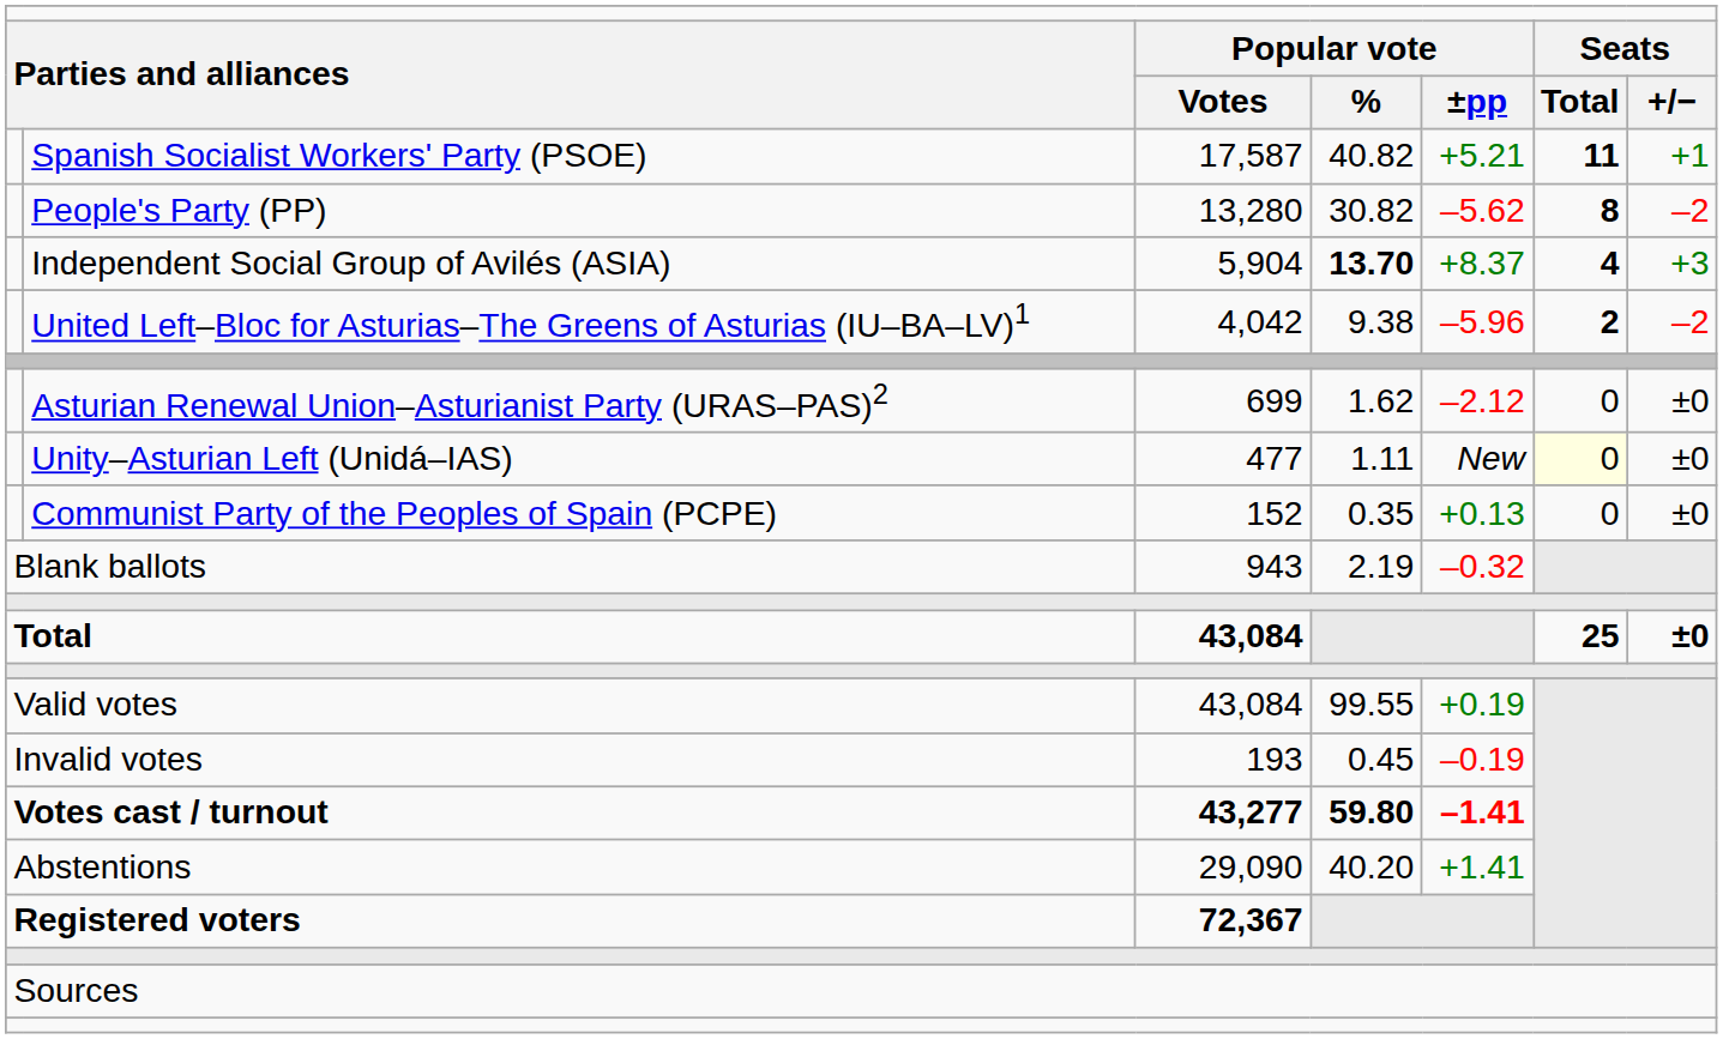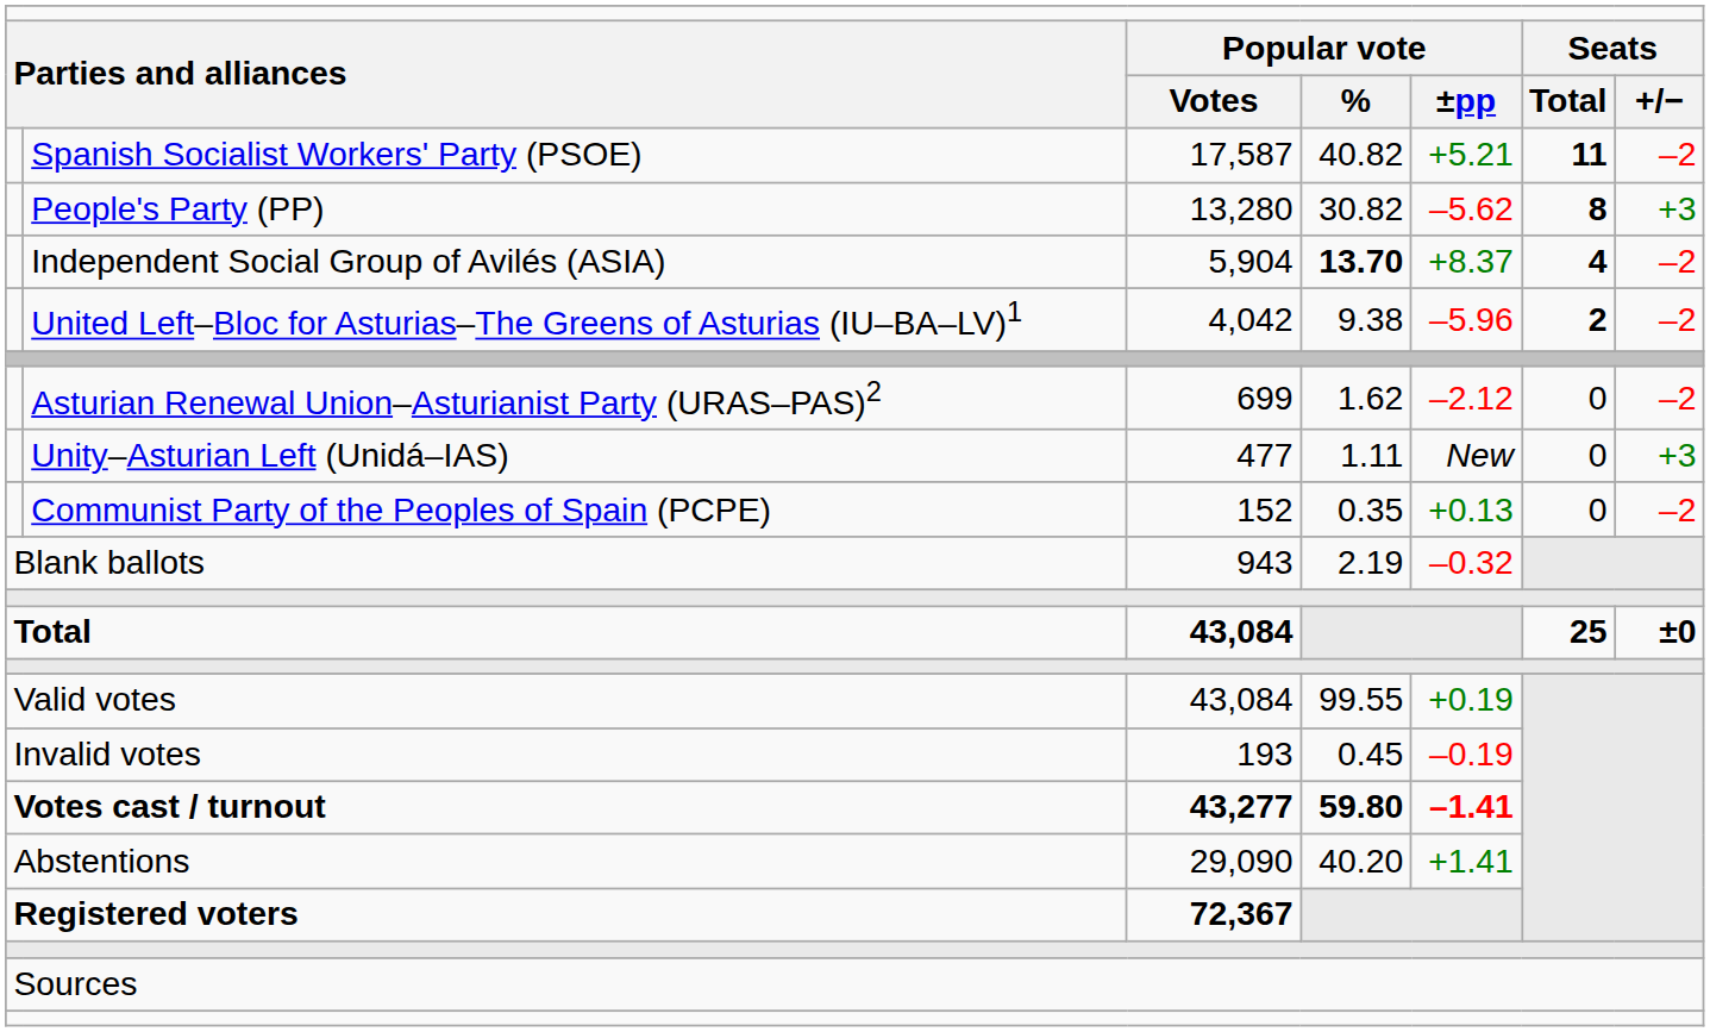 <table class="wikitable" style="text-align:right;">
 <tr>
 <td colspan="7"></td>
 </tr>
 <tr>
 <th style="text-align:left;" rowspan="2" colspan="2" width="525">Parties and alliances</th>
 <th colspan="3">Popular vote</th>
 <th colspan="2">Seats</th>
 </tr>
 <tr>
 <th width="75">Votes</th>
 <th width="45">%</th>
 <th width="45">±<a href='#'>pp</a></th>
 <th width="35">Total</th>
 <th width="35">+/−</th>
 </tr>
 <tr>
 <td width="1" style="color:inherit;background:"></td>
 <td align="left"><a href='#'>Spanish Socialist Workers' Party</a> (PSOE)</td>
 <td>17,587</td>
 <td>40.82</td>
 <td style="color:green;">+5.21</td>
 <td><strong>11</strong></td>
-<td style="color:green;">+1</td>
+<td style="color:red;">–2</td>
 </tr>
 <tr>
 <td style="color:inherit;background:"></td>
 <td align="left"><a href='#'>People's Party</a> (PP)</td>
 <td>13,280</td>
 <td>30.82</td>
 <td style="color:red;">–5.62</td>
 <td><strong>8</strong></td>
-<td style="color:red;">–2</td>
+<td style="color:green;">+3</td>
 </tr>
 <tr>
 <td style="color:inherit;background:"></td>
 <td align="left">Independent Social Group of Avilés (ASIA)</td>
 <td>5,904</td>
 <td><strong>13.70</strong></td>
 <td style="color:green;">+8.37</td>
 <td><strong>4</strong></td>
-<td style="color:green;">+3</td>
+<td style="color:red;">–2</td>
 </tr>
 <tr>
 <td style="color:inherit;background:"></td>
 <td align="left"><a href='#'>United Left</a>–<a href='#'>Bloc for Asturias</a>–<a href='#'>The Greens of Asturias</a> (IU–BA–LV)<sup>1</sup></td>
 <td>4,042</td>
 <td>9.38</td>
 <td style="color:red;">–5.96</td>
 <td><strong>2</strong></td>
 <td style="color:red;">–2</td>
 </tr>
 <tr>
 <td colspan="7" bgcolor="#C0C0C0"></td>
 </tr>
 <tr>
 <td style="color:inherit;background:"></td>
 <td align="left"><a href='#'>Asturian Renewal Union</a>–<a href='#'>Asturianist Party</a> (URAS–PAS)<sup>2</sup></td>
 <td>699</td>
 <td>1.62</td>
 <td style="color:red;">–2.12</td>
 <td>0</td>
-<td>±0</td>
+<td style="color:red;">–2</td>
 </tr>
 <tr>
 <td style="color:inherit;background:"></td>
 <td align="left"><a href='#'>Unity</a>–<a href='#'>Asturian Left</a> (Unidá–IAS)</td>
 <td>477</td>
 <td>1.11</td>
 <td><em>New</em></td>
-<td style="background: lightyellow;">0</td>
-<td>±0</td>
+<td>0</td>
+<td style="color:green;">+3</td>
 </tr>
 <tr>
 <td style="color:inherit;background:"></td>
 <td align="left"><a href='#'>Communist Party of the Peoples of Spain</a> (PCPE)</td>
 <td>152</td>
 <td>0.35</td>
 <td style="color:green;">+0.13</td>
 <td>0</td>
-<td>±0</td>
+<td style="color:red;">–2</td>
 </tr>
 <tr>
 <td align="left" colspan="2">Blank ballots</td>
 <td>943</td>
 <td>2.19</td>
 <td style="color:red;">–0.32</td>
 <td bgcolor="#E9E9E9" colspan="2"></td>
 </tr>
 <tr>
 <td colspan="7" bgcolor="#E9E9E9"></td>
 </tr>
 <tr style="font-weight:bold;">
 <td align="left" colspan="2">Total</td>
 <td>43,084</td>
 <td bgcolor="#E9E9E9" colspan="2"></td>
 <td>25</td>
 <td>±0</td>
 </tr>
 <tr>
 <td colspan="7" bgcolor="#E9E9E9"></td>
 </tr>
 <tr>
 <td align="left" colspan="2">Valid votes</td>
 <td>43,084</td>
 <td>99.55</td>
 <td style="color:green;">+0.19</td>
 <td bgcolor="#E9E9E9" colspan="2" rowspan="5"></td>
 </tr>
 <tr>
 <td align="left" colspan="2">Invalid votes</td>
 <td>193</td>
 <td>0.45</td>
 <td style="color:red;">–0.19</td>
 </tr>
 <tr style="font-weight:bold;">
 <td align="left" colspan="2">Votes cast / turnout</td>
 <td>43,277</td>
 <td>59.80</td>
 <td style="color:red;">–1.41</td>
 </tr>
 <tr>
 <td align="left" colspan="2">Abstentions</td>
 <td>29,090</td>
 <td>40.20</td>
 <td style="color:green;">+1.41</td>
 </tr>
 <tr style="font-weight:bold;">
 <td align="left" colspan="2">Registered voters</td>
 <td>72,367</td>
 <td bgcolor="#E9E9E9" colspan="2"></td>
 </tr>
 <tr>
 <td colspan="7" bgcolor="#E9E9E9"></td>
 </tr>
 <tr>
 <td align="left" colspan="7">Sources</td>
 </tr>
 <tr>
 <td colspan="7" style="text-align:left; max-width:790px;"></td>
 </tr>
 </table>
